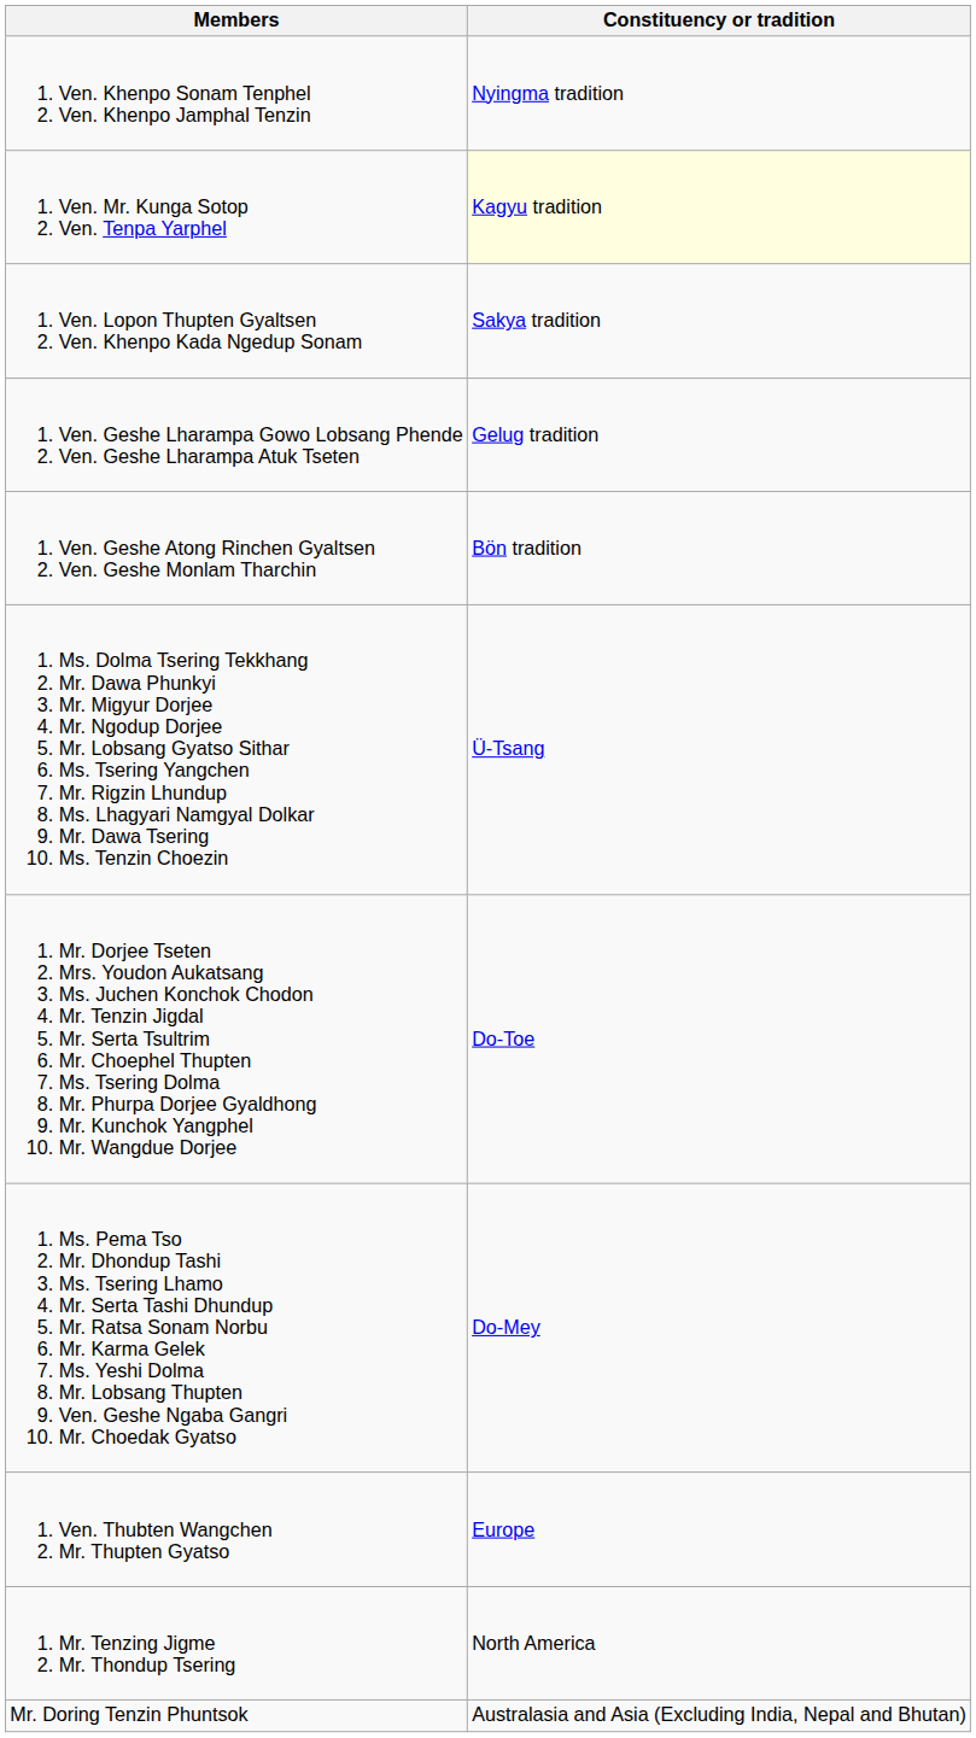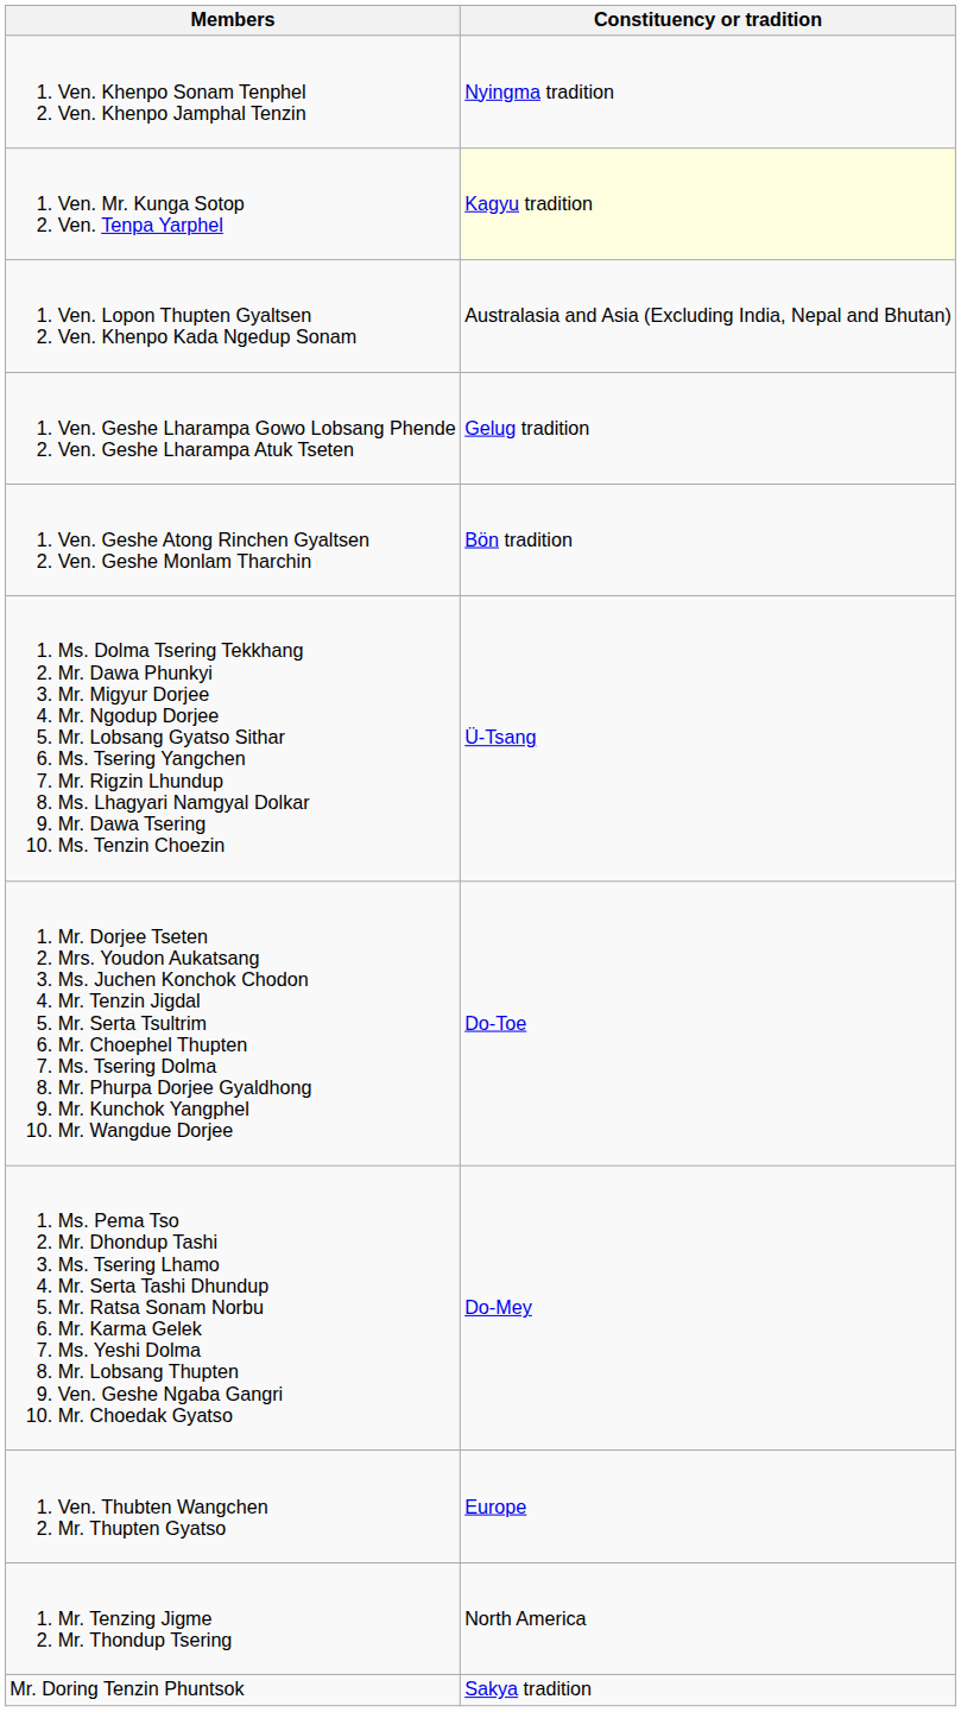 <table class = "wikitable">
 <tr bgcolor = "#EFEFEF">
 <th>Members</th>
 <th>Constituency or tradition</th>
 </tr>
 <tr>
 <td><br><ol><li>Ven. Khenpo Sonam Tenphel</li><li>Ven. Khenpo Jamphal Tenzin</li></ol></td>
 <td><a href='#'>Nyingma</a> tradition</td>
 </tr>
 <tr>
 <td><br><ol><li>Ven. Mr. Kunga Sotop</li><li>Ven. <a href='#'>Tenpa Yarphel</a></li></ol></td>
 <td style="background: lightyellow;"><a href='#'>Kagyu</a> tradition</td>
 </tr>
 <tr>
 <td><br><ol><li>Ven. Lopon Thupten Gyaltsen</li><li>Ven. Khenpo Kada Ngedup Sonam</li></ol></td>
-<td><a href='#'>Sakya</a> tradition</td>
+<td>Australasia and Asia (Excluding India, Nepal and Bhutan)</td>
 </tr>
 <tr>
 <td><br><ol><li>Ven. Geshe Lharampa Gowo Lobsang Phende</li><li>Ven. Geshe Lharampa Atuk Tseten</li></ol></td>
 <td><a href='#'>Gelug</a> tradition</td>
 </tr>
 <tr>
 <td><br><ol><li>Ven. Geshe Atong Rinchen Gyaltsen</li><li>Ven. Geshe Monlam Tharchin</li></ol></td>
 <td><a href='#'>Bön</a> tradition</td>
 </tr>
 <tr>
 <td><br><ol><li>Ms. Dolma Tsering Tekkhang</li><li>Mr. Dawa Phunkyi</li><li>Mr. Migyur Dorjee</li><li>Mr. Ngodup Dorjee</li><li>Mr. Lobsang Gyatso Sithar</li><li>Ms. Tsering Yangchen</li><li>Mr. Rigzin Lhundup</li><li>Ms. Lhagyari Namgyal Dolkar</li><li>Mr. Dawa Tsering</li><li>Ms. Tenzin Choezin</li></ol></td>
 <td><a href='#'>Ü-Tsang</a></td>
 </tr>
 <tr>
 <td><br><ol><li>Mr. Dorjee Tseten</li><li>Mrs. Youdon Aukatsang</li><li>Ms. Juchen Konchok Chodon</li><li>Mr. Tenzin Jigdal</li><li>Mr. Serta Tsultrim</li><li>Mr. Choephel Thupten</li><li>Ms. Tsering Dolma</li><li>Mr. Phurpa Dorjee Gyaldhong</li><li>Mr. Kunchok Yangphel</li><li>Mr. Wangdue Dorjee</li></ol></td>
 <td><a href='#'>Do-Toe</a></td>
 </tr>
 <tr>
 <td><br><ol><li>Ms. Pema Tso</li><li>Mr. Dhondup Tashi</li><li>Ms. Tsering Lhamo</li><li>Mr. Serta Tashi Dhundup</li><li>Mr. Ratsa Sonam Norbu</li><li>Mr. Karma Gelek</li><li>Ms. Yeshi Dolma</li><li>Mr. Lobsang Thupten</li><li>Ven. Geshe Ngaba Gangri</li><li>Mr. Choedak Gyatso</li></ol></td>
 <td><a href='#'>Do-Mey</a></td>
 </tr>
 <tr>
 <td><br><ol><li>Ven. Thubten Wangchen</li><li>Mr. Thupten Gyatso</li></ol></td>
 <td><a href='#'>Europe</a></td>
 </tr>
 <tr>
 <td><br><ol><li>Mr. Tenzing Jigme</li><li>Mr. Thondup Tsering</li></ol></td>
 <td>North America</td>
 </tr>
 <tr>
 <td>Mr. Doring Tenzin Phuntsok</td>
-<td>Australasia and Asia (Excluding India, Nepal and Bhutan)</td>
+<td><a href='#'>Sakya</a> tradition</td>
 </tr>
 </table>
